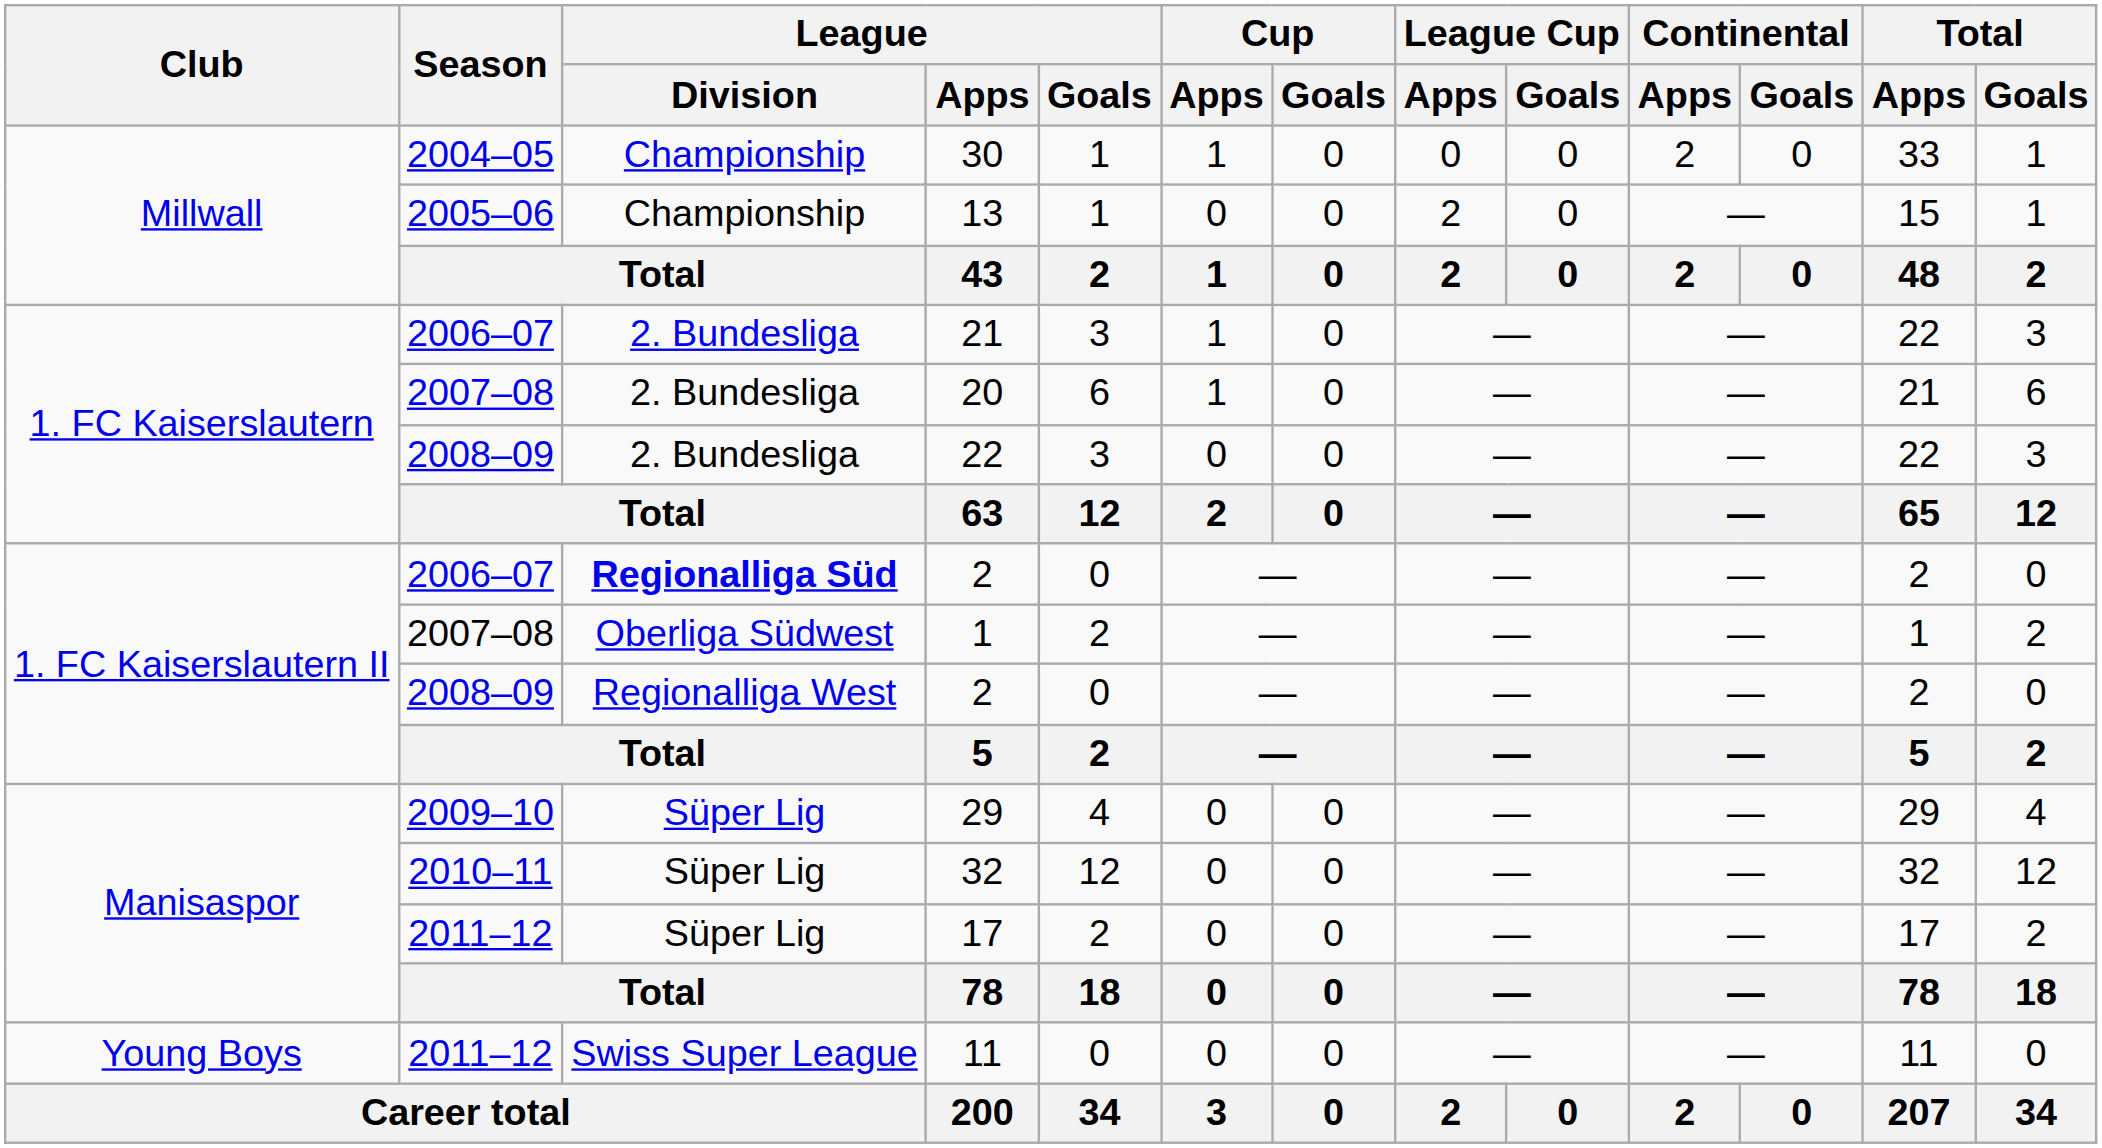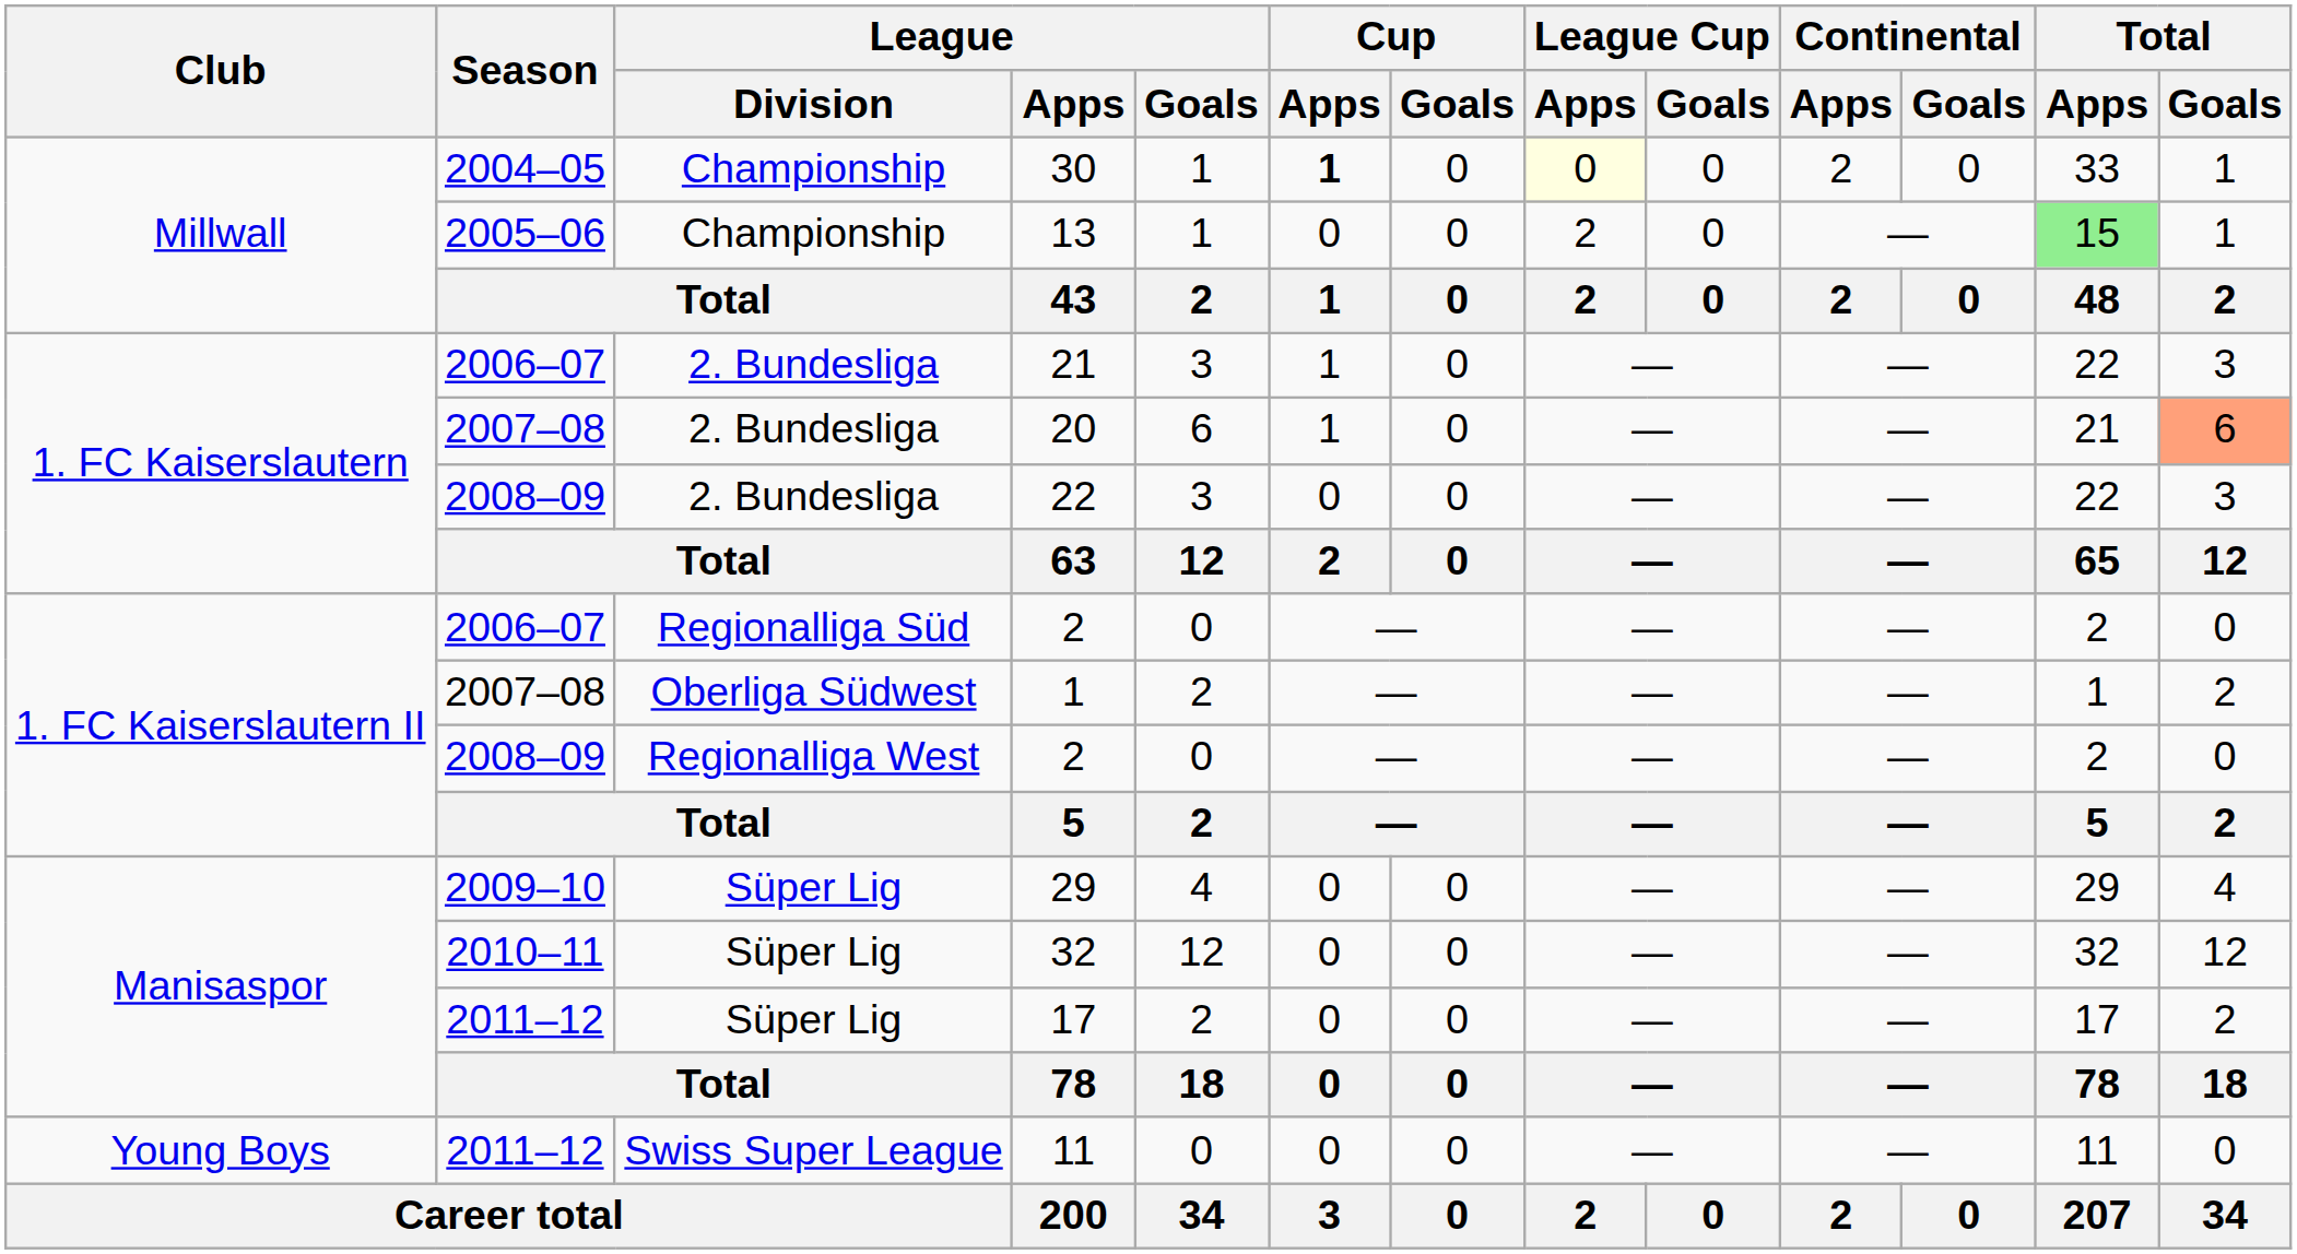 <table class="wikitable" style="text-align:center">
 <tr>
 <th rowspan="2">Club</th>
 <th rowspan="2">Season</th>
 <th colspan="3">League</th>
 <th colspan="2">Cup</th>
 <th colspan="2">League Cup</th>
 <th colspan="2">Continental</th>
 <th colspan="2">Total</th>
 </tr>
 <tr>
 <th>Division</th>
 <th>Apps</th>
 <th>Goals</th>
 <th>Apps</th>
 <th>Goals</th>
 <th>Apps</th>
 <th>Goals</th>
 <th>Apps</th>
 <th>Goals</th>
 <th>Apps</th>
 <th>Goals</th>
 </tr>
 <tr>
 <td rowspan="3"><a href='#'>Millwall</a></td>
 <td><a href='#'>2004–05</a></td>
 <td><a href='#'>Championship</a></td>
 <td>30</td>
 <td>1</td>
-<td>1</td>
+<td><strong>1</strong></td>
 <td>0</td>
-<td>0</td>
+<td style="background: lightyellow;">0</td>
 <td>0</td>
 <td>2</td>
 <td>0</td>
 <td>33</td>
 <td>1</td>
 </tr>
 <tr>
 <td><a href='#'>2005–06</a></td>
 <td>Championship</td>
 <td>13</td>
 <td>1</td>
 <td>0</td>
 <td>0</td>
 <td>2</td>
 <td>0</td>
 <td colspan="2">—</td>
-<td>15</td>
+<td style="background: lightgreen;">15</td>
 <td>1</td>
 </tr>
 <tr>
 <th colspan="2">Total</th>
 <th>43</th>
 <th>2</th>
 <th>1</th>
 <th>0</th>
 <th>2</th>
 <th>0</th>
 <th>2</th>
 <th>0</th>
 <th>48</th>
 <th>2</th>
 </tr>
 <tr>
 <td rowspan="4"><a href='#'>1. FC Kaiserslautern</a></td>
 <td><a href='#'>2006–07</a></td>
 <td><a href='#'>2. Bundesliga</a></td>
 <td>21</td>
 <td>3</td>
 <td>1</td>
 <td>0</td>
 <td colspan="2">—</td>
 <td colspan="2">—</td>
 <td>22</td>
 <td>3</td>
 </tr>
 <tr>
 <td><a href='#'>2007–08</a></td>
 <td>2. Bundesliga</td>
 <td>20</td>
 <td>6</td>
 <td>1</td>
 <td>0</td>
 <td colspan="2">—</td>
 <td colspan="2">—</td>
 <td>21</td>
-<td>6</td>
+<td style="background: lightsalmon;">6</td>
 </tr>
 <tr>
 <td><a href='#'>2008–09</a></td>
 <td>2. Bundesliga</td>
 <td>22</td>
 <td>3</td>
 <td>0</td>
 <td>0</td>
 <td colspan="2">—</td>
 <td colspan="2">—</td>
 <td>22</td>
 <td>3</td>
 </tr>
 <tr>
 <th colspan="2">Total</th>
 <th>63</th>
 <th>12</th>
 <th>2</th>
 <th>0</th>
 <th colspan="2">—</th>
 <th colspan="2">—</th>
 <th>65</th>
 <th>12</th>
 </tr>
 <tr>
 <td rowspan="4"><a href='#'>1. FC Kaiserslautern II</a></td>
 <td><a href='#'>2006–07</a></td>
-<td><strong><a href='#'>Regionalliga Süd</a></strong></td>
+<td><a href='#'>Regionalliga Süd</a></td>
 <td>2</td>
 <td>0</td>
 <td colspan="2">—</td>
 <td colspan="2">—</td>
 <td colspan="2">—</td>
 <td>2</td>
 <td>0</td>
 </tr>
 <tr>
 <td>2007–08</td>
 <td><a href='#'>Oberliga Südwest</a></td>
 <td>1</td>
 <td>2</td>
 <td colspan="2">—</td>
 <td colspan="2">—</td>
 <td colspan="2">—</td>
 <td>1</td>
 <td>2</td>
 </tr>
 <tr>
 <td><a href='#'>2008–09</a></td>
 <td><a href='#'>Regionalliga West</a></td>
 <td>2</td>
 <td>0</td>
 <td colspan="2">—</td>
 <td colspan="2">—</td>
 <td colspan="2">—</td>
 <td>2</td>
 <td>0</td>
 </tr>
 <tr>
 <th colspan="2">Total</th>
 <th>5</th>
 <th>2</th>
 <th colspan="2">—</th>
 <th colspan="2">—</th>
 <th colspan="2">—</th>
 <th>5</th>
 <th>2</th>
 </tr>
 <tr>
 <td rowspan="4"><a href='#'>Manisaspor</a></td>
 <td><a href='#'>2009–10</a></td>
 <td><a href='#'>Süper Lig</a></td>
 <td>29</td>
 <td>4</td>
 <td>0</td>
 <td>0</td>
 <td colspan="2">—</td>
 <td colspan="2">—</td>
 <td>29</td>
 <td>4</td>
 </tr>
 <tr>
 <td><a href='#'>2010–11</a></td>
 <td>Süper Lig</td>
 <td>32</td>
 <td>12</td>
 <td>0</td>
 <td>0</td>
 <td colspan="2">—</td>
 <td colspan="2">—</td>
 <td>32</td>
 <td>12</td>
 </tr>
 <tr>
 <td><a href='#'>2011–12</a></td>
 <td>Süper Lig</td>
 <td>17</td>
 <td>2</td>
 <td>0</td>
 <td>0</td>
 <td colspan="2">—</td>
 <td colspan="2">—</td>
 <td>17</td>
 <td>2</td>
 </tr>
 <tr>
 <th colspan="2">Total</th>
 <th>78</th>
 <th>18</th>
 <th>0</th>
 <th>0</th>
 <th colspan="2">—</th>
 <th colspan="2">—</th>
 <th>78</th>
 <th>18</th>
 </tr>
 <tr>
 <td><a href='#'>Young Boys</a></td>
 <td><a href='#'>2011–12</a></td>
 <td><a href='#'>Swiss Super League</a></td>
 <td>11</td>
 <td>0</td>
 <td>0</td>
 <td>0</td>
 <td colspan="2">—</td>
 <td colspan="2">—</td>
 <td>11</td>
 <td>0</td>
 </tr>
 <tr>
 <th colspan="3">Career total</th>
 <th>200</th>
 <th>34</th>
 <th>3</th>
 <th>0</th>
 <th>2</th>
 <th>0</th>
 <th>2</th>
 <th>0</th>
 <th>207</th>
 <th>34</th>
 </tr>
 </table>
